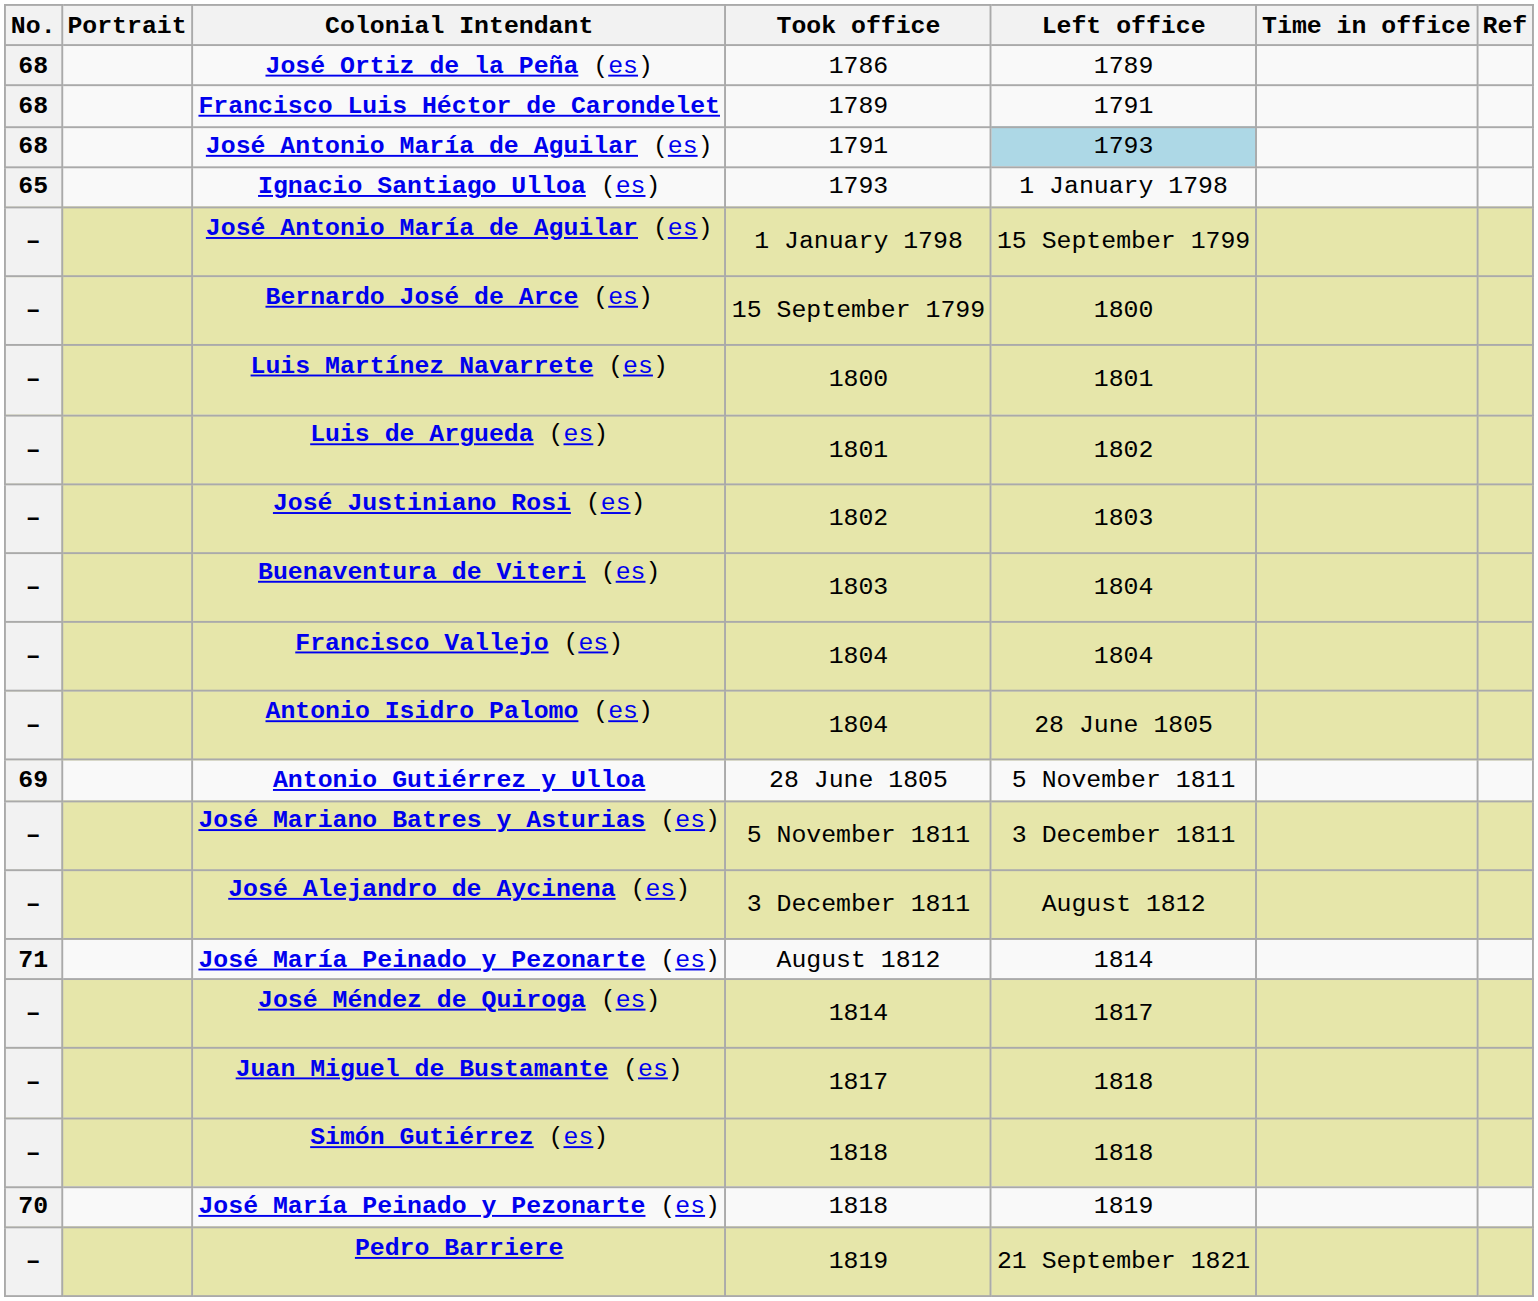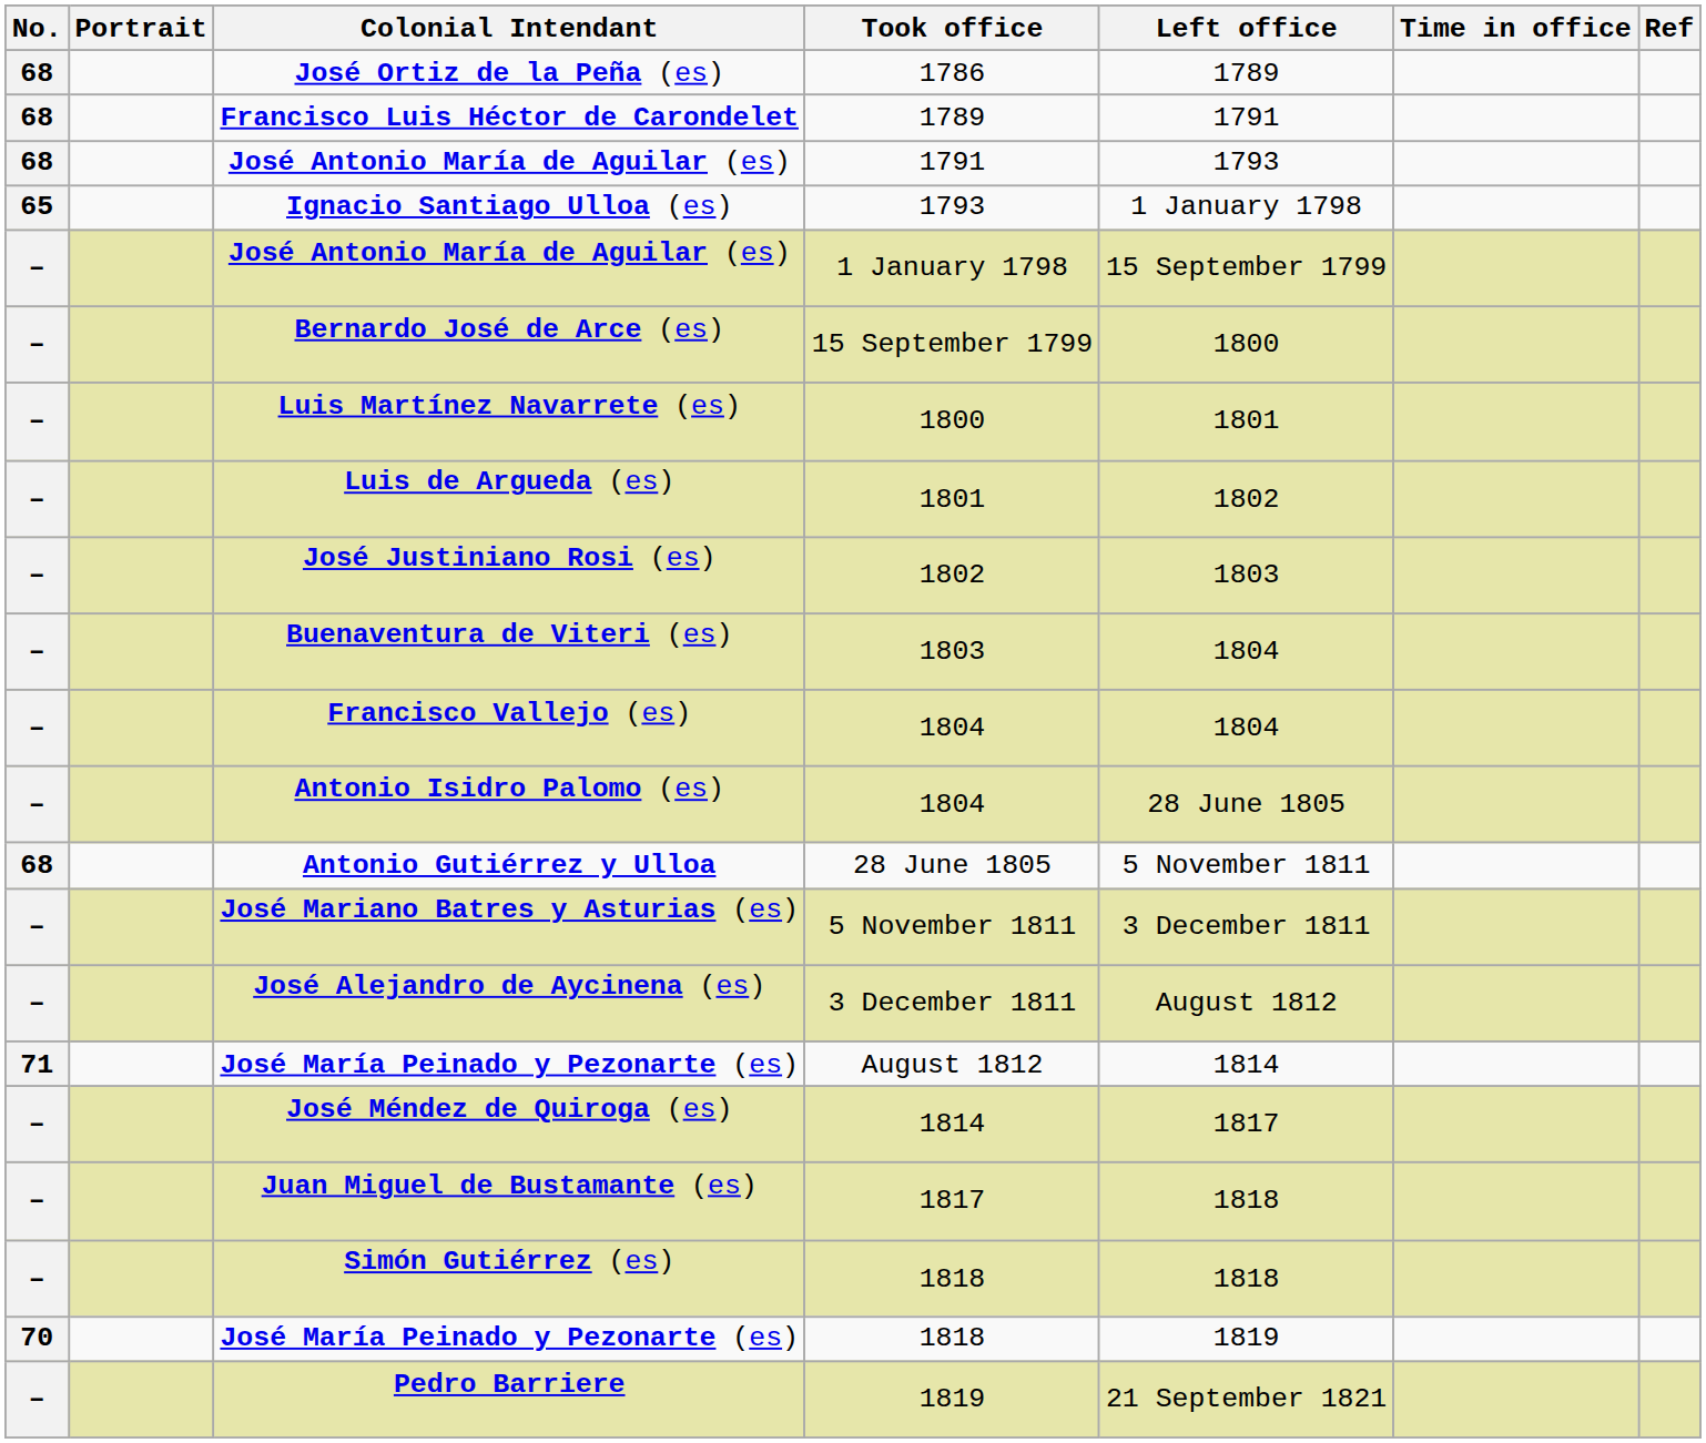 <table class="wikitable" style="text-align:center">
 <tr>
 <th>No.</th>
 <th>Portrait</th>
 <th>Colonial Intendant</th>
 <th>Took office</th>
 <th>Left office</th>
 <th>Time in office</th>
 <th>Ref</th>
 </tr>
 <tr>
 <th style="background:">68</th>
 <td></td>
 <td><strong><a href='#'>José Ortiz de la Peña</a></strong> (<a href='#'>es</a>)<br></td>
 <td>1786</td>
 <td>1789</td>
 <td> </td>
 <td></td>
 </tr>
 <tr>
 <th style="background:">68</th>
 <td></td>
 <td><strong><a href='#'>Francisco Luis Héctor de Carondelet</a></strong><br></td>
 <td>1789</td>
 <td>1791</td>
 <td> </td>
 <td></td>
 </tr>
 <tr>
 <th style="background:">68</th>
 <td></td>
 <td><strong><a href='#'>José Antonio María de Aguilar</a></strong> (<a href='#'>es</a>)<br></td>
 <td>1791</td>
-<td style="background: lightblue;">1793</td>
+<td>1793</td>
 <td> </td>
 <td></td>
 </tr>
 <tr>
 <th style="background:">65</th>
 <td></td>
 <td><strong><a href='#'>Ignacio Santiago Ulloa</a></strong> (<a href='#'>es</a>)<br></td>
 <td>1793</td>
 <td>1 January 1798</td>
 <td> </td>
 <td></td>
 </tr>
 <tr style="background:#E6E6AA">
 <th style="background:">–</th>
 <td></td>
 <td><strong><a href='#'>José Antonio María de Aguilar</a></strong> (<a href='#'>es</a>)<br><br></td>
 <td>1 January 1798</td>
 <td>15 September 1799</td>
 <td></td>
 <td></td>
 </tr>
 <tr style="background:#E6E6AA">
 <th style="background:">–</th>
 <td></td>
 <td><strong><a href='#'>Bernardo José de Arce</a></strong> (<a href='#'>es</a>)<br><br></td>
 <td>15 September 1799</td>
 <td>1800</td>
 <td> </td>
 <td></td>
 </tr>
 <tr style="background:#E6E6AA">
 <th style="background:">–</th>
 <td></td>
 <td><strong><a href='#'>Luis Martínez Navarrete</a></strong> (<a href='#'>es</a>)<br><br></td>
 <td>1800</td>
 <td>1801</td>
 <td> </td>
 <td></td>
 </tr>
 <tr style="background:#E6E6AA">
 <th style="background:">–</th>
 <td></td>
 <td><strong><a href='#'>Luis de Argueda</a></strong> (<a href='#'>es</a>)<br><br></td>
 <td>1801</td>
 <td>1802</td>
 <td> </td>
 <td></td>
 </tr>
 <tr style="background:#E6E6AA">
 <th style="background:">–</th>
 <td></td>
 <td><strong><a href='#'>José Justiniano Rosi</a></strong> (<a href='#'>es</a>)<br><br></td>
 <td>1802</td>
 <td>1803</td>
 <td> </td>
 <td></td>
 </tr>
 <tr style="background:#E6E6AA">
 <th style="background:">–</th>
 <td></td>
 <td><strong><a href='#'>Buenaventura de Viteri</a></strong> (<a href='#'>es</a>)<br><br></td>
 <td>1803</td>
 <td>1804</td>
 <td> </td>
 <td></td>
 </tr>
 <tr style="background:#E6E6AA">
 <th style="background:">–</th>
 <td></td>
 <td><strong><a href='#'>Francisco Vallejo</a></strong> (<a href='#'>es</a>)<br><br></td>
 <td>1804</td>
 <td>1804</td>
 <td> </td>
 <td></td>
 </tr>
 <tr style="background:#E6E6AA">
 <th style="background:">–</th>
 <td></td>
 <td><strong><a href='#'>Antonio Isidro Palomo</a></strong> (<a href='#'>es</a>)<br><br></td>
 <td>1804</td>
 <td>28 June 1805</td>
 <td> </td>
 <td></td>
 </tr>
 <tr>
-<th style="background:">69</th>
+<th style="background:">68</th>
 <td></td>
 <td><strong><a href='#'>Antonio Gutiérrez y Ulloa</a></strong><br></td>
 <td>28 June 1805</td>
 <td>5 November 1811</td>
 <td></td>
 <td></td>
 </tr>
 <tr style="background:#E6E6AA">
 <th style="background:">–</th>
 <td></td>
 <td><strong><a href='#'>José Mariano Batres y Asturias</a></strong> (<a href='#'>es</a>)<br><br></td>
 <td>5 November 1811</td>
 <td>3 December 1811</td>
 <td></td>
 <td></td>
 </tr>
 <tr style="background:#E6E6AA">
 <th style="background:">–</th>
 <td></td>
 <td><strong><a href='#'>José Alejandro de Aycinena</a></strong> (<a href='#'>es</a>)<br><br></td>
 <td>3 December 1811</td>
 <td>August 1812</td>
 <td> </td>
 <td></td>
 </tr>
 <tr>
 <th style="background:">71</th>
 <td></td>
 <td><strong><a href='#'>José María Peinado y Pezonarte</a></strong> (<a href='#'>es</a>)<br></td>
 <td>August 1812</td>
 <td>1814</td>
 <td> </td>
 <td></td>
 </tr>
 <tr style="background:#E6E6AA">
 <th style="background:">–</th>
 <td></td>
 <td><strong><a href='#'>José Méndez de Quiroga</a></strong> (<a href='#'>es</a>)<br><br></td>
 <td>1814</td>
 <td>1817</td>
 <td> </td>
 <td></td>
 </tr>
 <tr style="background:#E6E6AA">
 <th style="background:">–</th>
 <td></td>
 <td><strong><a href='#'>Juan Miguel de Bustamante</a></strong> (<a href='#'>es</a>)<br><br></td>
 <td>1817</td>
 <td>1818</td>
 <td> </td>
 <td></td>
 </tr>
 <tr style="background:#E6E6AA">
 <th style="background:">–</th>
 <td></td>
 <td><strong><a href='#'>Simón Gutiérrez</a></strong> (<a href='#'>es</a>)<br><br></td>
 <td>1818</td>
 <td>1818</td>
 <td> </td>
 <td></td>
 </tr>
 <tr>
 <th style="background:">70</th>
 <td></td>
 <td><strong><a href='#'>José María Peinado y Pezonarte</a></strong> (<a href='#'>es</a>)<br></td>
 <td>1818</td>
 <td>1819</td>
 <td> </td>
 <td></td>
 </tr>
 <tr style="background:#E6E6AA">
 <th style="background:">–</th>
 <td></td>
 <td><strong><a href='#'>Pedro Barriere</a></strong><br><br></td>
 <td>1819</td>
 <td>21 September 1821</td>
 <td> </td>
 <td></td>
 </tr>
 </table>
